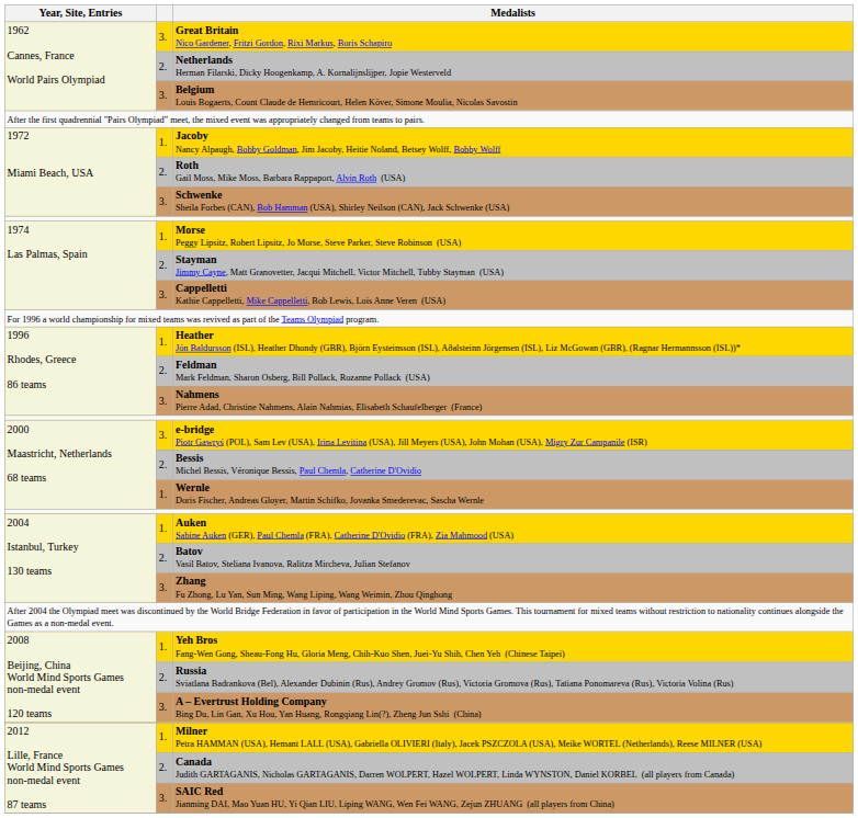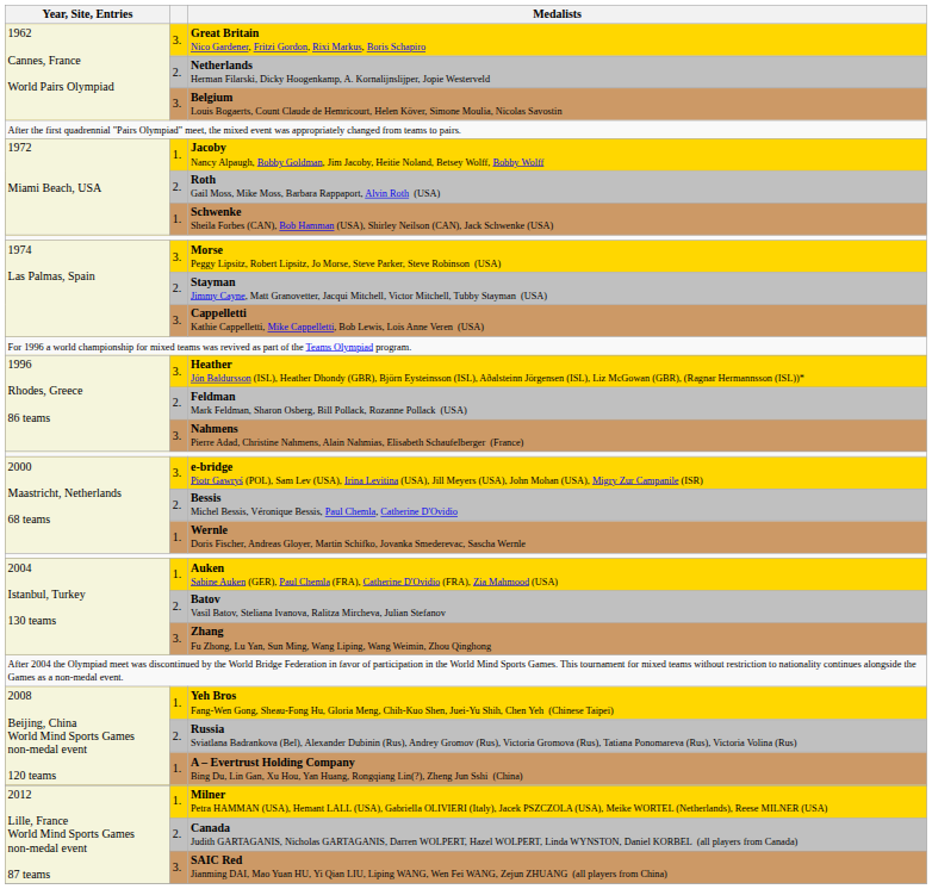 <table class="wikitable">
 <tr>
 <th>Year, Site, Entries</th>
 <th></th>
 <th>Medalists</th>
 </tr>
 <tr bgcolor="gold">
 <td rowspan=3 bgcolor="beige" valign="Top">1962 <br><br>Cannes, France <br> <br>World Pairs Olympiad <br></td>
 <td>3.</td>
 <td> <strong>Great Britain</strong> <br><small><a href='#'>Nico Gardener</a>, <a href='#'>Fritzi Gordon</a>, <a href='#'>Rixi Markus</a>, <a href='#'>Boris Schapiro</a></small></td>
 </tr>
 <tr bgcolor="silver">
 <td>2.</td>
 <td> <strong>Netherlands</strong> <br><small>Herman Filarski, Dicky Hoogenkamp, A. Kornalijnslijper, Jopie Westerveld</small></td>
 </tr>
 <tr bgcolor="cc9966">
 <td>3.</td>
 <td> <strong>Belgium</strong> <br><small>Louis Bogaerts, Count Claude de Hemricourt, Helen Köver, Simone Moulia, Nicolas Savostin</small></td>
 </tr>
 <tr>
 <td colspan=3><small>After the first quadrennial "Pairs Olympiad" meet, the mixed event was appropriately changed from teams to pairs.</small></td>
 </tr>
 <tr bgcolor="gold">
 <td rowspan=3 bgcolor="beige" valign="Top">1972<br><br><br>Miami Beach, USA</td>
 <td>1.</td>
 <td> <strong>Jacoby</strong> <br><small>Nancy Alpaugh, <a href='#'>Bobby Goldman</a>, Jim Jacoby, Heitie Noland, Betsey Wolff, <a href='#'>Bobby Wolff</a></small></td>
 </tr>
 <tr bgcolor="silver">
 <td>2.</td>
 <td> <strong>Roth</strong> <br><small>Gail Moss, Mike Moss, Barbara Rappaport, <a href='#'>Alvin Roth</a>  (USA)</small></td>
 </tr>
 <tr bgcolor="cc9966">
-<td>3.</td>
+<td>1.</td>
 <td>  <strong>Schwenke</strong><br><small>Sheila Forbes (CAN), <a href='#'>Bob Hamman</a> (USA), Shirley Neilson (CAN), Jack Schwenke (USA)</small></td>
 </tr>
 <tr>
 <td colspan=3></td>
 </tr>
 <tr bgcolor="gold">
 <td rowspan=3 bgcolor="beige" valign="Top">1974 <br><br>Las Palmas, Spain</td>
-<td>1.</td>
+<td>3.</td>
 <td> <strong>Morse</strong> <br><small>Peggy Lipsitz, Robert Lipsitz, Jo Morse, Steve Parker, Steve Robinson  (USA)</small></td>
 </tr>
 <tr bgcolor="silver">
 <td>2.</td>
 <td> <strong>Stayman</strong> <br><small><a href='#'>Jimmy Cayne</a>, Matt Granovetter, Jacqui Mitchell, Victor Mitchell, Tubby Stayman  (USA)</small></td>
 </tr>
 <tr bgcolor="cc9966">
 <td>3.</td>
 <td> <strong>Cappelletti</strong> <br><small>Kathie Cappelletti, <a href='#'>Mike Cappelletti</a>, Bob Lewis, Lois Anne Veren  (USA)</small></td>
 </tr>
 <tr>
 <td colspan=3><small>For 1996 a world championship for mixed teams was revived as part of the <a href='#'>Teams Olympiad</a> program.</small></td>
 </tr>
 <tr bgcolor="gold">
 <td rowspan=3 bgcolor="beige" valign="Top">1996 <br><br>Rhodes, Greece <br> <br>86 teams</td>
-<td>1.</td>
+<td>3.</td>
 <td>  <strong>Heather</strong> <br><small><a href='#'>Jón Baldursson</a> (ISL), Heather Dhondy (GBR), Björn Eysteinsson (ISL), Aðalsteinn Jörgensen (ISL), Liz McGowan (GBR), (Ragnar Hermannsson (ISL))*</small></td>
 </tr>
 <tr bgcolor="silver">
 <td>2.</td>
 <td> <strong>Feldman</strong> <br><small>Mark Feldman, Sharon Osberg, Bill Pollack, Rozanne Pollack  (USA)</small></td>
 </tr>
 <tr bgcolor="cc9966">
 <td>3.</td>
 <td> <strong>Nahmens</strong> <br><small>Pierre Adad, Christine Nahmens, Alain Nahmias, Elisabeth Schaufelberger  (France)</small></td>
 </tr>
 <tr>
 <td colspan=3></td>
 </tr>
 <tr bgcolor="gold">
 <td rowspan=3 bgcolor="beige" valign="Top">2000 <br><br>Maastricht, Netherlands   <br> <br>68 teams</td>
 <td>3.</td>
 <td>   <strong>e-bridge</strong> <br><small><a href='#'>Piotr Gawryś</a> (POL), Sam Lev (USA), <a href='#'>Irina Levitina</a> (USA), Jill Meyers (USA), John Mohan (USA), <a href='#'>Migry Zur Campanile</a> (ISR)</small></td>
 </tr>
 <tr bgcolor="silver">
 <td>2.</td>
 <td> <strong>Bessis</strong> <br><small>Michel Bessis, Véronique Bessis, <a href='#'>Paul Chemla</a>, <a href='#'>Catherine D'Ovidio</a></small></td>
 </tr>
 <tr bgcolor="cc9966">
 <td>1.</td>
 <td> <strong>Wernle</strong> <br><small>Doris Fischer, Andreas Gloyer, Martin Schifko, Jovanka Smederevac, Sascha Wernle</small></td>
 </tr>
 <tr>
 <td colspan=3></td>
 </tr>
 <tr bgcolor="gold">
 <td rowspan=3 bgcolor="beige" valign="Top">2004 <br><br>Istanbul, Turkey <br> <br>130 teams</td>
 <td>1.</td>
 <td>   <strong>Auken</strong> <br><small><a href='#'>Sabine Auken</a> (GER), <a href='#'>Paul Chemla</a> (FRA), <a href='#'>Catherine D'Ovidio</a> (FRA), <a href='#'>Zia Mahmood</a> (USA)</small></td>
 </tr>
 <tr bgcolor="silver">
 <td>2.</td>
 <td> <strong>Batov</strong> <br><small>Vasil Batov, Steliana Ivanova, Ralitza Mircheva, Julian Stefanov</small></td>
 </tr>
 <tr bgcolor="cc9966">
 <td>3.</td>
 <td> <strong>Zhang</strong> <br><small>Fu Zhong, Lu Yan, Sun Ming, Wang Liping, Wang Weimin, Zhou Qinghong</small></td>
 </tr>
 <tr>
 <td colspan=3><small>After 2004 the Olympiad meet was discontinued by the World Bridge Federation in favor of participation in the World Mind Sports Games. This  tournament for mixed teams without restriction to nationality continues alongside the Games as a non-medal event.</small></td>
 </tr>
 <tr bgcolor="gold">
 <td rowspan=3 bgcolor="beige" valign="Top">2008 <br><br>Beijing, China <br>World Mind Sports Games   <br>non-medal event <br> <br>120 teams</td>
 <td>1.</td>
 <td> <strong>Yeh Bros</strong> <br><small>Fang-Wen Gong, Sheau-Fong Hu, Gloria Meng, Chih-Kuo Shen, Juei-Yu Shih, Chen Yeh  (Chinese Taipei)</small></td>
 </tr>
 <tr bgcolor="silver">
 <td>2.</td>
 <td>  <strong>Russia</strong> <br><small>Sviatlana Badrankova (Bel), Alexander Dubinin (Rus), Andrey Gromov (Rus), Victoria Gromova (Rus), Tatiana Ponomareva (Rus), Victoria Volina (Rus)</small></td>
 </tr>
 <tr bgcolor="cc9966">
-<td>3.</td>
+<td>1.</td>
 <td> <strong>A – Evertrust Holding Company</strong> <br><small>Bing Du, Lin Gan, Xu Hou, Yan Huang, Rongqiang Lin(?), Zheng Jun Sshi  (China)</small></td>
 </tr>
 <tr>
 </tr>
 <tr bgcolor="gold">
 <td rowspan=3 bgcolor="beige" valign="Top">2012 <br><br>Lille, France <br>World Mind Sports Games   <br>non-medal event <br> <br>87 teams </td>
 <td>1.</td>
 <td><strong>Milner</strong> <br><small>Petra HAMMAN (USA), Hemant LALL (USA), Gabriella OLIVIERI (Italy), Jacek PSZCZOLA (USA), Meike WORTEL (Netherlands), Reese MILNER (USA)</small></td>
 </tr>
 <tr bgcolor="silver">
 <td>2.</td>
 <td> <strong>Canada</strong> <br><small>Judith GARTAGANIS, Nicholas GARTAGANIS, Darren WOLPERT, Hazel WOLPERT, Linda WYNSTON, Daniel KORBEL  (all players from Canada)</small></td>
 </tr>
 <tr bgcolor="cc9966">
 <td>3.</td>
 <td> <strong>SAIC Red</strong> <br><small>Jianming DAI, Mao Yuan HU, Yi Qian LIU, Liping WANG, Wen Fei WANG, Zejun ZHUANG  (all players from China)</small></td>
 </tr>
 <tr>
 </tr>
 </table>
